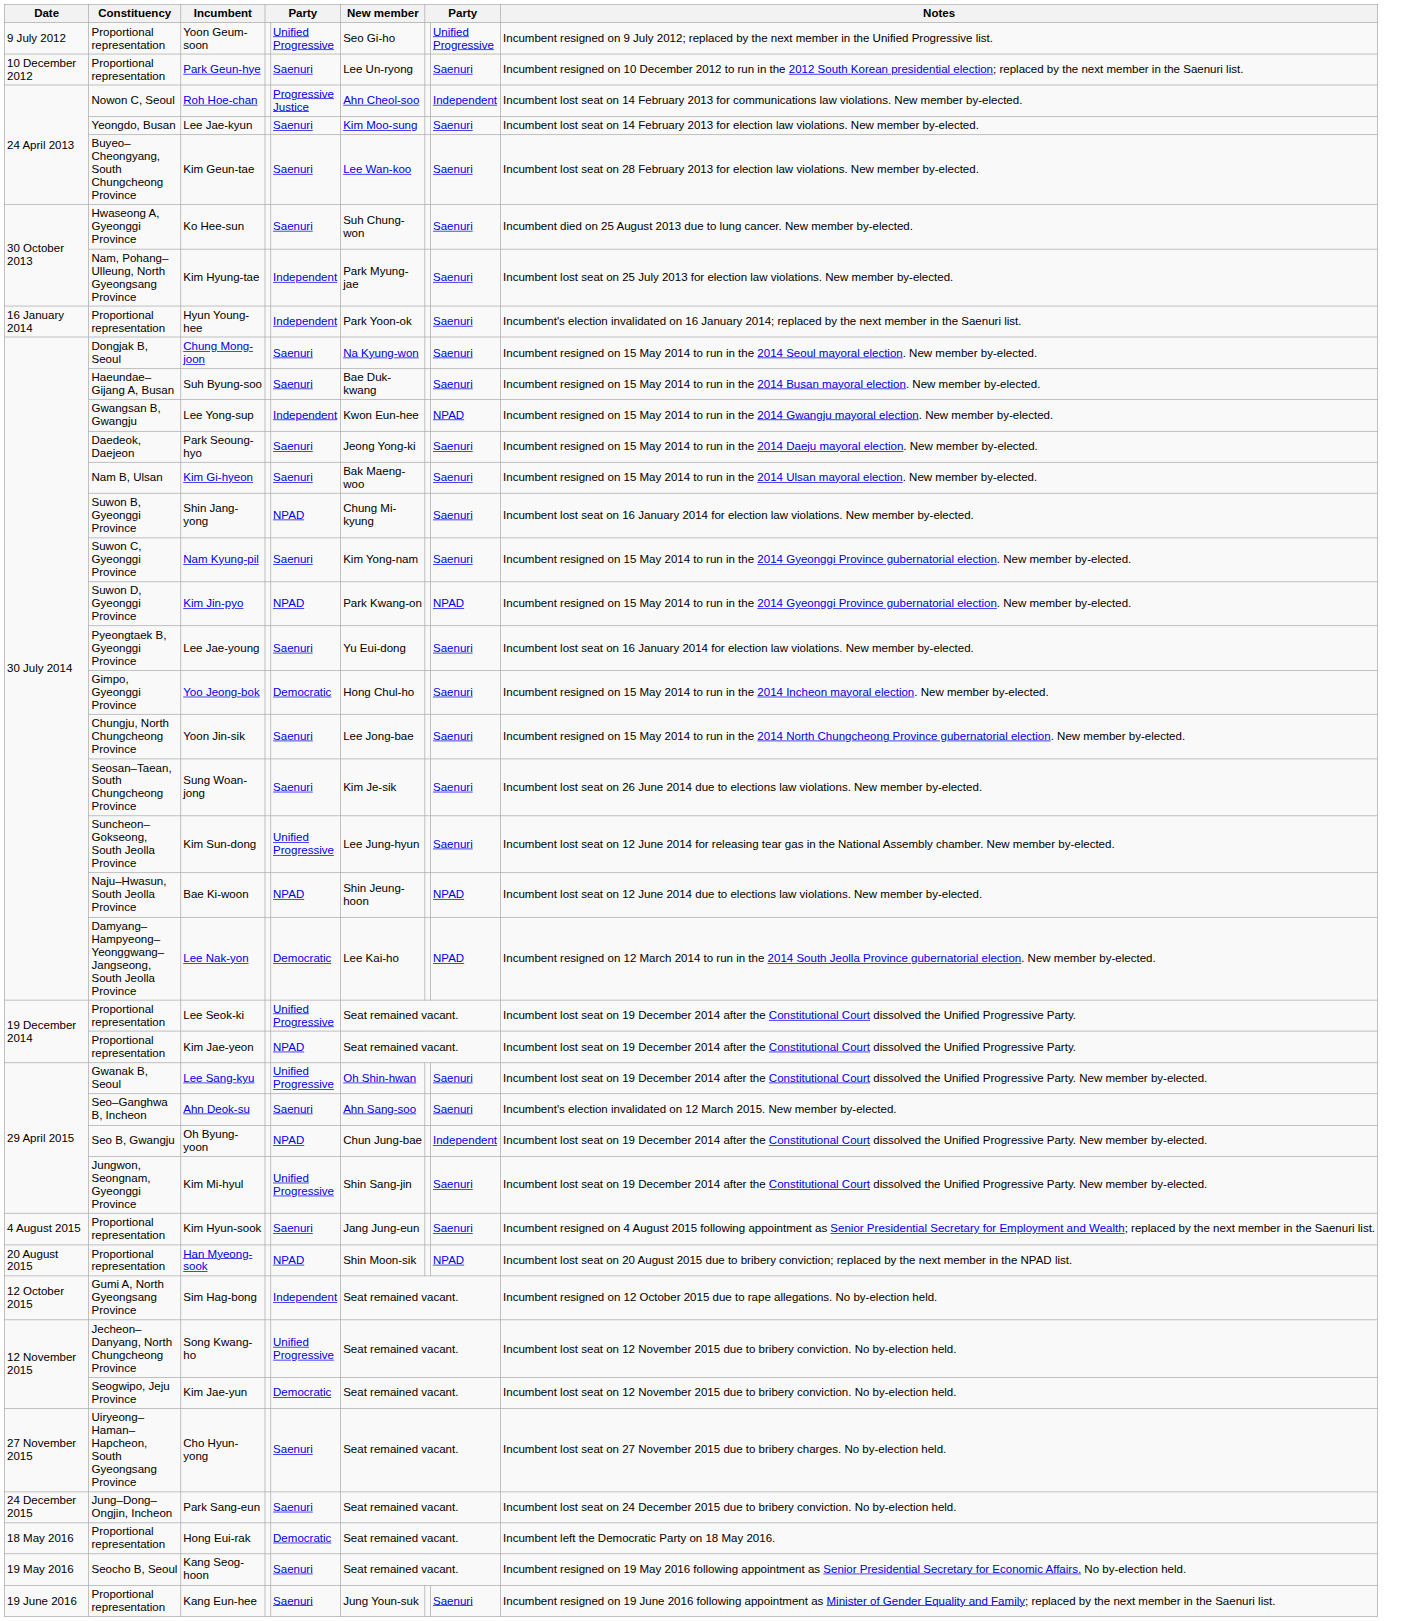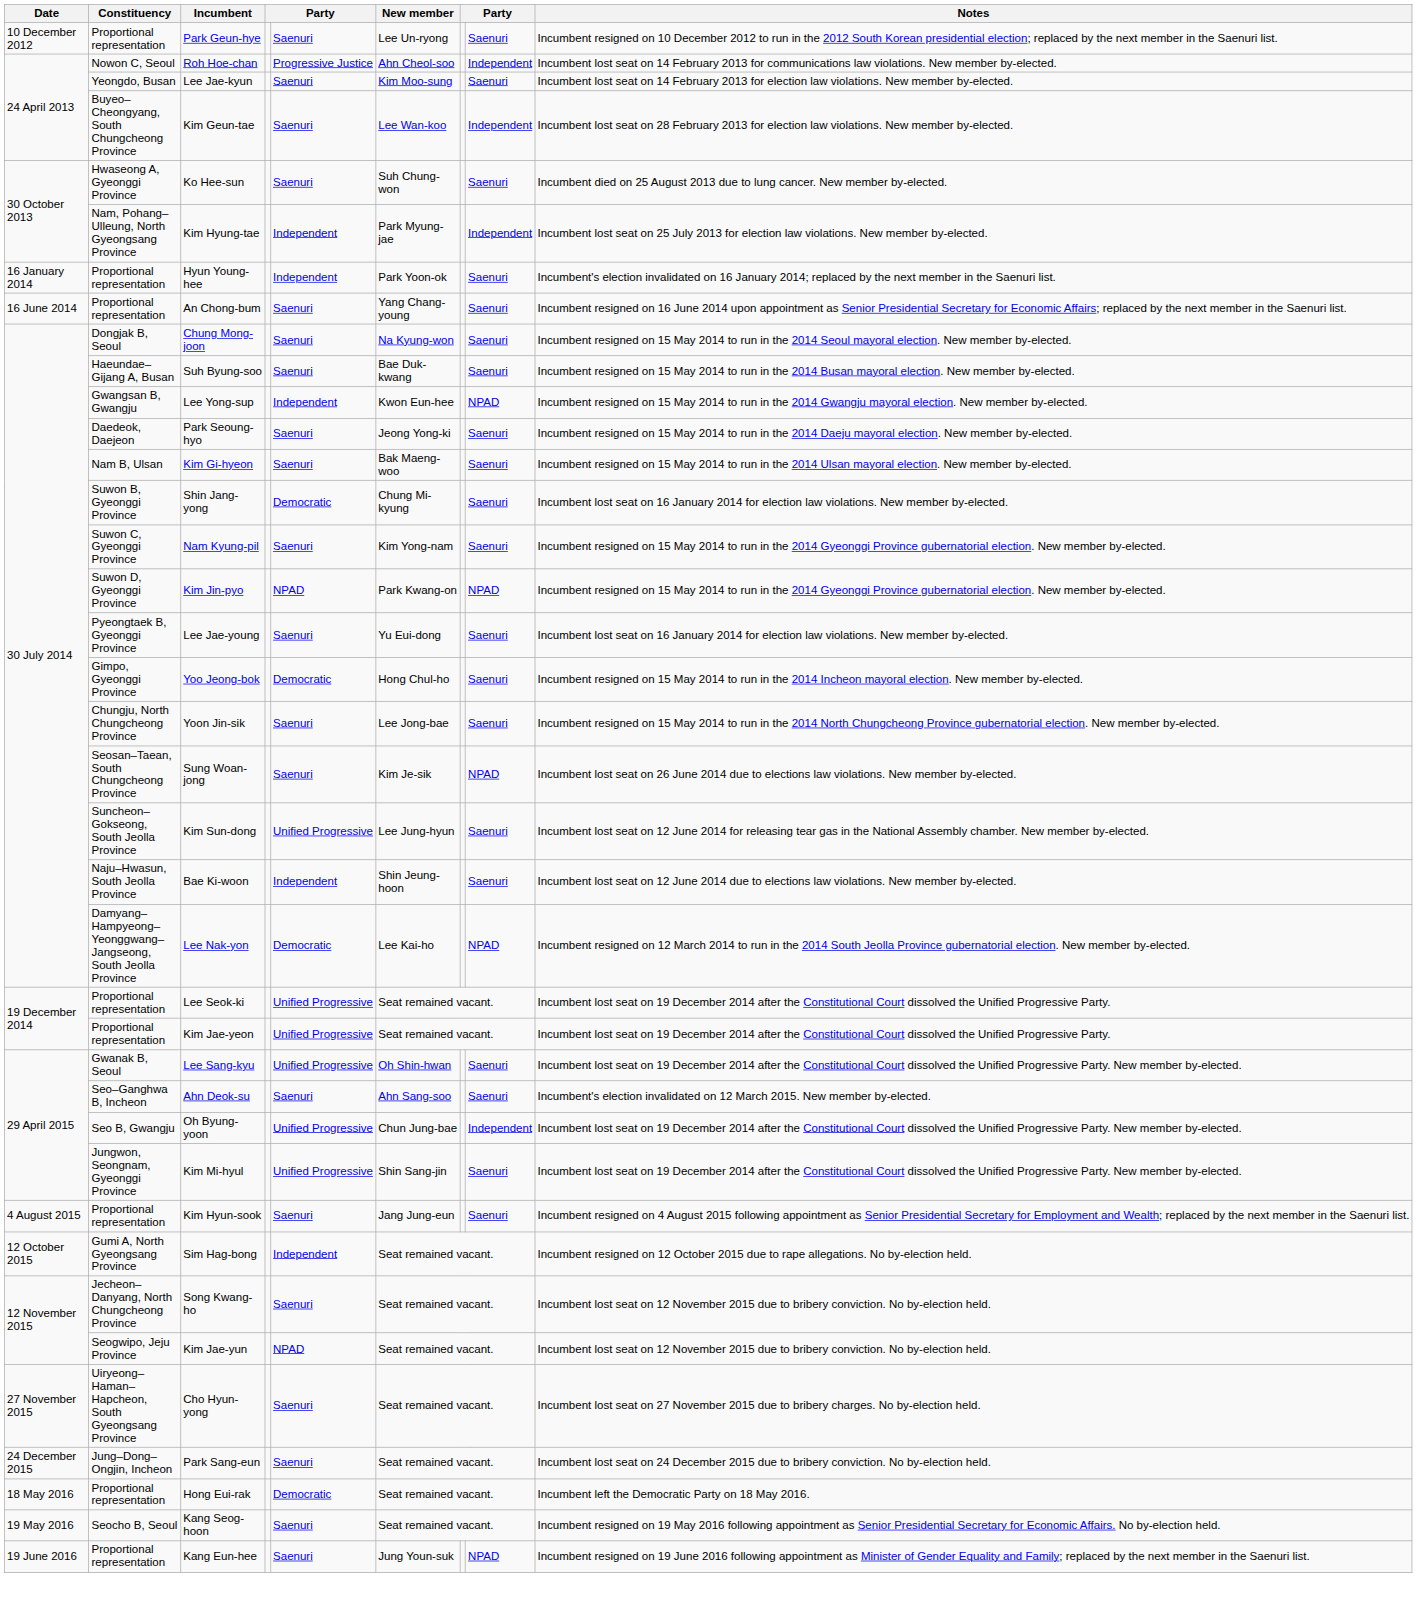 <table class="wikitable sortable plainrowheaders">
 <tr>
 <th width="110px">Date</th>
 <th width="120px">Constituency</th>
 <th width="110px">Incumbent</th>
 <th colspan="2">Party</th>
 <th width="110px">New member</th>
 <th colspan="2">Party</th>
 <th class="unsortable">Notes</th>
-</tr>
-<tr>
-<td>9 July 2012</td>
-<td>Proportional representation</td>
-<td>Yoon Geum-soon</td>
-<td style="background:"></td>
-<td width="90px"><a href='#'>Unified Progressive</a></td>
-<td>Seo Gi-ho</td>
-<td style="background:"></td>
-<td width="90px"><a href='#'>Unified Progressive</a></td>
-<td>Incumbent resigned on 9 July 2012; replaced by the next member in the Unified Progressive list.</td>
 </tr>
 <tr>
 <td>10 December 2012</td>
 <td>Proportional representation</td>
 <td><a href='#'>Park Geun-hye</a></td>
 <td style="background:"></td>
 <td><a href='#'>Saenuri</a></td>
 <td>Lee Un-ryong</td>
 <td style="background:"></td>
 <td><a href='#'>Saenuri</a></td>
 <td>Incumbent resigned on 10 December 2012 to run in the <a href='#'>2012 South Korean presidential election</a>; replaced by the next member in the Saenuri list.</td>
 </tr>
 <tr>
 <td rowspan="3">24 April 2013</td>
 <td>Nowon C, Seoul</td>
 <td><a href='#'>Roh Hoe-chan</a></td>
 <td style="background:"></td>
 <td><a href='#'>Progressive Justice</a></td>
 <td><a href='#'>Ahn Cheol-soo</a></td>
 <td style="background:"></td>
 <td><a href='#'>Independent</a></td>
 <td>Incumbent lost seat on 14 February 2013 for communications law violations. New member by-elected.</td>
 </tr>
 <tr>
 <td>Yeongdo, Busan</td>
 <td>Lee Jae-kyun</td>
 <td style="background:"></td>
 <td><a href='#'>Saenuri</a></td>
 <td><a href='#'>Kim Moo-sung</a></td>
 <td style="background:"></td>
 <td><a href='#'>Saenuri</a></td>
 <td>Incumbent lost seat on 14 February 2013 for election law violations. New member by-elected.</td>
 </tr>
 <tr>
 <td>Buyeo–Cheongyang, South Chungcheong Province</td>
 <td>Kim Geun-tae</td>
 <td style="background:"></td>
 <td><a href='#'>Saenuri</a></td>
 <td><a href='#'>Lee Wan-koo</a></td>
 <td style="background:"></td>
-<td><a href='#'>Saenuri</a></td>
+<td><a href='#'>Independent</a></td>
 <td>Incumbent lost seat on 28 February 2013 for election law violations. New member by-elected.</td>
 </tr>
 <tr>
 <td rowspan="2">30 October 2013</td>
 <td>Hwaseong A, Gyeonggi Province</td>
 <td>Ko Hee-sun</td>
 <td style="background:"></td>
 <td><a href='#'>Saenuri</a></td>
 <td>Suh Chung-won</td>
 <td style="background:"></td>
 <td><a href='#'>Saenuri</a></td>
 <td>Incumbent died on 25 August 2013 due to lung cancer. New member by-elected.</td>
 </tr>
 <tr>
 <td>Nam, Pohang–Ulleung, North Gyeongsang Province</td>
 <td>Kim Hyung-tae</td>
 <td style="background:"></td>
 <td><a href='#'>Independent</a></td>
 <td>Park Myung-jae</td>
 <td style="background:"></td>
-<td><a href='#'>Saenuri</a></td>
+<td><a href='#'>Independent</a></td>
 <td>Incumbent lost seat on 25 July 2013 for election law violations. New member by-elected.</td>
 </tr>
 <tr>
 <td>16 January 2014</td>
 <td>Proportional representation</td>
 <td>Hyun Young-hee</td>
 <td style="background:"></td>
 <td><a href='#'>Independent</a></td>
 <td>Park Yoon-ok</td>
 <td style="background:"></td>
 <td><a href='#'>Saenuri</a></td>
 <td>Incumbent's election invalidated on 16 January 2014; replaced by the next member in the Saenuri list.</td>
+</tr>
+<tr>
+<td>16 June 2014</td>
+<td>Proportional representation</td>
+<td>An Chong-bum</td>
+<td style="background:"></td>
+<td><a href='#'>Saenuri</a></td>
+<td>Yang Chang-young</td>
+<td style="background:"></td>
+<td><a href='#'>Saenuri</a></td>
+<td>Incumbent resigned on 16 June 2014 upon appointment as <a href='#'>Senior Presidential Secretary for Economic Affairs</a>; replaced by the next member in the Saenuri list.</td>
 </tr>
 <tr>
 <td rowspan="15">30 July 2014</td>
 <td>Dongjak B, Seoul</td>
 <td><a href='#'>Chung Mong-joon</a></td>
 <td style="background:"></td>
 <td><a href='#'>Saenuri</a></td>
 <td><a href='#'>Na Kyung-won</a></td>
 <td style="background:"></td>
 <td><a href='#'>Saenuri</a></td>
 <td>Incumbent resigned on 15 May 2014 to run in the <a href='#'>2014 Seoul mayoral election</a>. New member by-elected.</td>
 </tr>
 <tr>
 <td>Haeundae–Gijang A, Busan</td>
 <td>Suh Byung-soo</td>
 <td style="background:"></td>
 <td><a href='#'>Saenuri</a></td>
 <td>Bae Duk-kwang</td>
 <td style="background:"></td>
 <td><a href='#'>Saenuri</a></td>
 <td>Incumbent resigned on 15 May 2014 to run in the <a href='#'>2014 Busan mayoral election</a>. New member by-elected.</td>
 </tr>
 <tr>
 <td>Gwangsan B, Gwangju</td>
 <td>Lee Yong-sup</td>
 <td style="background:"></td>
 <td><a href='#'>Independent</a></td>
 <td>Kwon Eun-hee</td>
 <td style="background:"></td>
 <td><a href='#'>NPAD</a></td>
 <td>Incumbent resigned on 15 May 2014 to run in the <a href='#'>2014 Gwangju mayoral election</a>. New member by-elected.</td>
 </tr>
 <tr>
 <td>Daedeok, Daejeon</td>
 <td>Park Seoung-hyo</td>
 <td style="background:"></td>
 <td><a href='#'>Saenuri</a></td>
 <td>Jeong Yong-ki</td>
 <td style="background:"></td>
 <td><a href='#'>Saenuri</a></td>
 <td>Incumbent resigned on 15 May 2014 to run in the <a href='#'>2014 Daeju mayoral election</a>. New member by-elected.</td>
 </tr>
 <tr>
 <td>Nam B, Ulsan</td>
 <td><a href='#'>Kim Gi-hyeon</a></td>
 <td style="background:"></td>
 <td><a href='#'>Saenuri</a></td>
 <td>Bak Maeng-woo</td>
 <td style="background:"></td>
 <td><a href='#'>Saenuri</a></td>
 <td>Incumbent resigned on 15 May 2014 to run in the <a href='#'>2014 Ulsan mayoral election</a>. New member by-elected.</td>
 </tr>
 <tr>
 <td>Suwon B, Gyeonggi Province</td>
 <td>Shin Jang-yong</td>
 <td style="background:"></td>
-<td><a href='#'>NPAD</a></td>
+<td><a href='#'>Democratic</a></td>
 <td>Chung Mi-kyung</td>
 <td style="background:"></td>
 <td><a href='#'>Saenuri</a></td>
 <td>Incumbent lost seat on 16 January 2014 for election law violations. New member by-elected.</td>
 </tr>
 <tr>
 <td>Suwon C, Gyeonggi Province</td>
 <td><a href='#'>Nam Kyung-pil</a></td>
 <td style="background:"></td>
 <td><a href='#'>Saenuri</a></td>
 <td>Kim Yong-nam</td>
 <td style="background:"></td>
 <td><a href='#'>Saenuri</a></td>
 <td>Incumbent resigned on 15 May 2014 to run in the <a href='#'>2014 Gyeonggi Province gubernatorial election</a>. New member by-elected.</td>
 </tr>
 <tr>
 <td>Suwon D, Gyeonggi Province</td>
 <td><a href='#'>Kim Jin-pyo</a></td>
 <td style="background:"></td>
 <td><a href='#'>NPAD</a></td>
 <td>Park Kwang-on</td>
 <td style="background:"></td>
 <td><a href='#'>NPAD</a></td>
 <td>Incumbent resigned on 15 May 2014 to run in the <a href='#'>2014 Gyeonggi Province gubernatorial election</a>. New member by-elected.</td>
 </tr>
 <tr>
 <td>Pyeongtaek B, Gyeonggi Province</td>
 <td>Lee Jae-young</td>
 <td style="background:"></td>
 <td><a href='#'>Saenuri</a></td>
 <td>Yu Eui-dong</td>
 <td style="background:"></td>
 <td><a href='#'>Saenuri</a></td>
 <td>Incumbent lost seat on 16 January 2014 for election law violations. New member by-elected.</td>
 </tr>
 <tr>
 <td>Gimpo, Gyeonggi Province</td>
 <td><a href='#'>Yoo Jeong-bok</a></td>
 <td style="background:"></td>
 <td><a href='#'>Democratic</a></td>
 <td>Hong Chul-ho</td>
 <td style="background:"></td>
 <td><a href='#'>Saenuri</a></td>
 <td>Incumbent resigned on 15 May 2014 to run in the <a href='#'>2014 Incheon mayoral election</a>. New member by-elected.</td>
 </tr>
 <tr>
 <td>Chungju, North Chungcheong Province</td>
 <td>Yoon Jin-sik</td>
 <td style="background:"></td>
 <td><a href='#'>Saenuri</a></td>
 <td>Lee Jong-bae</td>
 <td style="background:"></td>
 <td><a href='#'>Saenuri</a></td>
 <td>Incumbent resigned on 15 May 2014 to run in the <a href='#'>2014 North Chungcheong Province gubernatorial election</a>. New member by-elected.</td>
 </tr>
 <tr>
 <td>Seosan–Taean, South Chungcheong Province</td>
 <td>Sung Woan-jong</td>
 <td style="background:"></td>
 <td><a href='#'>Saenuri</a></td>
 <td>Kim Je-sik</td>
 <td style="background:"></td>
-<td><a href='#'>Saenuri</a></td>
+<td><a href='#'>NPAD</a></td>
 <td>Incumbent lost seat on 26 June 2014 due to elections law violations. New member by-elected.</td>
 </tr>
 <tr>
 <td>Suncheon–Gokseong, South Jeolla Province</td>
 <td>Kim Sun-dong</td>
 <td style="background:"></td>
 <td><a href='#'>Unified Progressive</a></td>
 <td>Lee Jung-hyun</td>
 <td style="background:"></td>
 <td><a href='#'>Saenuri</a></td>
 <td>Incumbent lost seat on 12 June 2014 for releasing tear gas in the National Assembly chamber. New member by-elected.</td>
 </tr>
 <tr>
 <td>Naju–Hwasun, South Jeolla Province</td>
 <td>Bae Ki-woon</td>
 <td style="background:"></td>
-<td><a href='#'>NPAD</a></td>
+<td><a href='#'>Independent</a></td>
 <td>Shin Jeung-hoon</td>
 <td style="background:"></td>
-<td><a href='#'>NPAD</a></td>
+<td><a href='#'>Saenuri</a></td>
 <td>Incumbent lost seat on 12 June 2014 due to elections law violations. New member by-elected.</td>
 </tr>
 <tr>
 <td>Damyang–Hampyeong–Yeonggwang–Jangseong, South Jeolla Province</td>
 <td><a href='#'>Lee Nak-yon</a></td>
 <td style="background:"></td>
 <td><a href='#'>Democratic</a></td>
 <td>Lee Kai-ho</td>
 <td style="background:"></td>
 <td><a href='#'>NPAD</a></td>
 <td>Incumbent resigned on 12 March 2014 to run in the <a href='#'>2014 South Jeolla Province gubernatorial election</a>. New member by-elected.</td>
 </tr>
 <tr>
 <td rowspan="2">19 December 2014</td>
 <td>Proportional representation</td>
 <td>Lee Seok-ki</td>
 <td style="background:"></td>
 <td><a href='#'>Unified Progressive</a></td>
 <td colspan="3">Seat remained vacant.</td>
 <td>Incumbent lost seat on 19 December 2014 after the <a href='#'>Constitutional Court</a> dissolved the Unified Progressive Party.</td>
 </tr>
 <tr>
 <td>Proportional representation</td>
 <td>Kim Jae-yeon</td>
 <td style="background:"></td>
-<td><a href='#'>NPAD</a></td>
+<td><a href='#'>Unified Progressive</a></td>
 <td colspan="3">Seat remained vacant.</td>
 <td>Incumbent lost seat on 19 December 2014 after the <a href='#'>Constitutional Court</a> dissolved the Unified Progressive Party.</td>
 </tr>
 <tr>
 <td rowspan="4">29 April 2015</td>
 <td>Gwanak B, Seoul</td>
 <td><a href='#'>Lee Sang-kyu</a></td>
 <td style="background:"></td>
 <td><a href='#'>Unified Progressive</a></td>
 <td><a href='#'>Oh Shin-hwan</a></td>
 <td style="background:"></td>
 <td><a href='#'>Saenuri</a></td>
 <td>Incumbent lost seat on 19 December 2014 after the <a href='#'>Constitutional Court</a> dissolved the Unified Progressive Party. New member by-elected.</td>
 </tr>
 <tr>
 <td>Seo–Ganghwa B, Incheon</td>
 <td><a href='#'>Ahn Deok-su</a></td>
 <td style="background:"></td>
 <td><a href='#'>Saenuri</a></td>
 <td><a href='#'>Ahn Sang-soo</a></td>
 <td style="background:"></td>
 <td><a href='#'>Saenuri</a></td>
 <td>Incumbent's election invalidated on 12 March 2015. New member by-elected.</td>
 </tr>
 <tr>
 <td>Seo B, Gwangju</td>
 <td>Oh Byung-yoon</td>
 <td style="background:"></td>
-<td><a href='#'>NPAD</a></td>
+<td><a href='#'>Unified Progressive</a></td>
 <td>Chun Jung-bae</td>
 <td style="background:"></td>
 <td><a href='#'>Independent</a></td>
 <td>Incumbent lost seat on 19 December 2014 after the <a href='#'>Constitutional Court</a> dissolved the Unified Progressive Party. New member by-elected.</td>
 </tr>
 <tr>
 <td>Jungwon, Seongnam, Gyeonggi Province</td>
 <td>Kim Mi-hyul</td>
 <td style="background:"></td>
 <td><a href='#'>Unified Progressive</a></td>
 <td>Shin Sang-jin</td>
 <td style="background:"></td>
 <td><a href='#'>Saenuri</a></td>
 <td>Incumbent lost seat on 19 December 2014 after the <a href='#'>Constitutional Court</a> dissolved the Unified Progressive Party. New member by-elected.</td>
 </tr>
 <tr>
 <td>4 August 2015</td>
 <td>Proportional representation</td>
 <td>Kim Hyun-sook</td>
 <td style="background:"></td>
 <td><a href='#'>Saenuri</a></td>
 <td>Jang Jung-eun</td>
 <td style="background:"></td>
 <td><a href='#'>Saenuri</a></td>
 <td>Incumbent resigned on 4 August 2015 following appointment as <a href='#'>Senior Presidential Secretary for Employment and Wealth</a>; replaced by the next member in the Saenuri list.</td>
 </tr>
 <tr>
-<td>20 August 2015</td>
-<td>Proportional representation</td>
-<td><a href='#'>Han Myeong-sook</a></td>
-<td style="background:"></td>
-<td><a href='#'>NPAD</a></td>
-<td>Shin Moon-sik</td>
-<td style="background:"></td>
-<td><a href='#'>NPAD</a></td>
-<td>Incumbent lost seat on 20 August 2015 due to bribery conviction; replaced by the next member in the NPAD list.</td>
-</tr>
-<tr>
 <td>12 October 2015</td>
 <td>Gumi A, North Gyeongsang Province</td>
 <td>Sim Hag-bong</td>
 <td style="background:"></td>
 <td><a href='#'>Independent</a></td>
 <td colspan="3">Seat remained vacant.</td>
 <td>Incumbent resigned on 12 October 2015 due to rape allegations. No by-election held.</td>
 </tr>
 <tr>
 <td rowspan="2">12 November 2015</td>
 <td>Jecheon–Danyang, North Chungcheong Province</td>
 <td>Song Kwang-ho</td>
 <td style="background:"></td>
-<td><a href='#'>Unified Progressive</a></td>
+<td><a href='#'>Saenuri</a></td>
 <td colspan="3">Seat remained vacant.</td>
 <td>Incumbent lost seat on 12 November 2015 due to bribery conviction. No by-election held.</td>
 </tr>
 <tr>
 <td>Seogwipo, Jeju Province</td>
 <td>Kim Jae-yun</td>
 <td style="background:"></td>
-<td><a href='#'>Democratic</a></td>
+<td><a href='#'>NPAD</a></td>
 <td colspan="3">Seat remained vacant.</td>
 <td>Incumbent lost seat on 12 November 2015 due to bribery conviction. No by-election held.</td>
 </tr>
 <tr>
 <td>27 November 2015</td>
 <td>Uiryeong–Haman–Hapcheon, South Gyeongsang Province</td>
 <td>Cho Hyun-yong</td>
 <td style="background:"></td>
 <td><a href='#'>Saenuri</a></td>
 <td colspan="3">Seat remained vacant.</td>
 <td>Incumbent lost seat on 27 November 2015 due to bribery charges. No by-election held.</td>
 </tr>
 <tr>
 <td>24 December 2015</td>
 <td>Jung–Dong–Ongjin, Incheon</td>
 <td>Park Sang-eun</td>
 <td style="background:"></td>
 <td><a href='#'>Saenuri</a></td>
 <td colspan="3">Seat remained vacant.</td>
 <td>Incumbent lost seat on 24 December 2015 due to bribery conviction. No by-election held.</td>
 </tr>
 <tr>
 <td>18 May 2016</td>
 <td>Proportional representation</td>
 <td>Hong Eui-rak</td>
 <td style="background:"></td>
 <td><a href='#'>Democratic</a></td>
 <td colspan="3">Seat remained vacant.</td>
 <td>Incumbent left the Democratic Party on 18 May 2016.</td>
 </tr>
 <tr>
 <td>19 May 2016</td>
 <td>Seocho B, Seoul</td>
 <td>Kang Seog-hoon</td>
 <td style="background:"></td>
 <td><a href='#'>Saenuri</a></td>
 <td colspan="3">Seat remained vacant.</td>
 <td>Incumbent resigned on 19 May 2016 following appointment as <a href='#'>Senior Presidential Secretary for Economic Affairs.</a> No by-election held.</td>
 </tr>
 <tr>
 <td>19 June 2016</td>
 <td>Proportional representation</td>
 <td>Kang Eun-hee</td>
 <td style="background:"></td>
 <td><a href='#'>Saenuri</a></td>
 <td>Jung Youn-suk</td>
 <td style="background:"></td>
-<td><a href='#'>Saenuri</a></td>
+<td><a href='#'>NPAD</a></td>
 <td>Incumbent resigned on 19 June 2016 following appointment as <a href='#'>Minister of Gender Equality and Family</a>; replaced by the next member in the Saenuri list.</td>
 </tr>
 </table>
